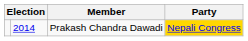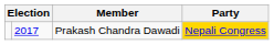 <table class="wikitable">
 <tr>
 <th colspan="2">Election</th>
 <th>Member</th>
 <th>Party</th>
 </tr>
 <tr>
 <td style="background-color:"></td>
-<td><a href='#'>2014</a></td>
+<td><a href='#'>2017</a></td>
 <td>Prakash Chandra Dawadi</td>
 <td style="background: gold;"><a href='#'>Nepali Congress</a></td>
 </tr>
 </table>
